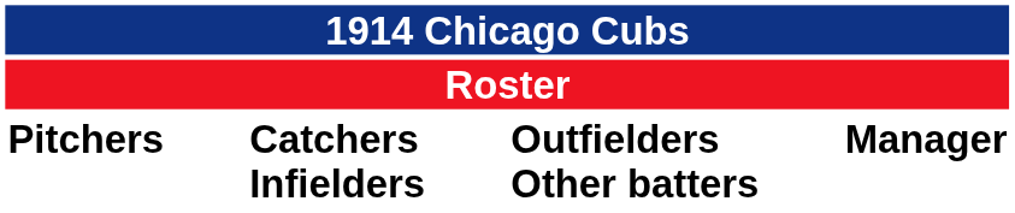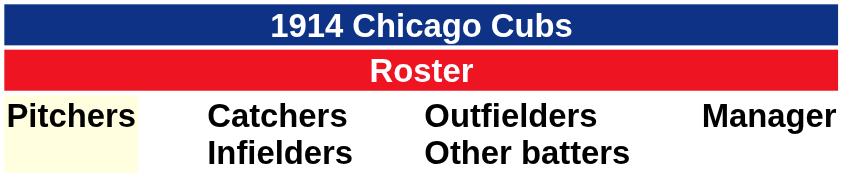 <table class="toccolours" style="font-size: 95%;">
 <tr>
 <th colspan="10" style="background-color: #0e3386; color: white; text-align: center;">1914 Chicago Cubs</th>
 </tr>
 <tr>
 <td colspan="10" style="background-color: #EE1422; color: white; text-align: center;"><strong>Roster</strong></td>
 </tr>
 <tr>
-<td valign="top"><strong>Pitchers</strong><br>          </td>
+<td valign="top" style="background: lightyellow;"><strong>Pitchers</strong><br>          </td>
 <td width="25px"></td>
 <td valign="top"><strong>Catchers</strong><br>     <strong>Infielders</strong>           </td>
 <td width="25px"></td>
 <td valign="top"><strong>Outfielders</strong><br>       <strong>Other batters</strong>  </td>
 <td width="25px"></td>
 <td valign="top"><strong>Manager</strong><br></td>
 </tr>
 </table>
